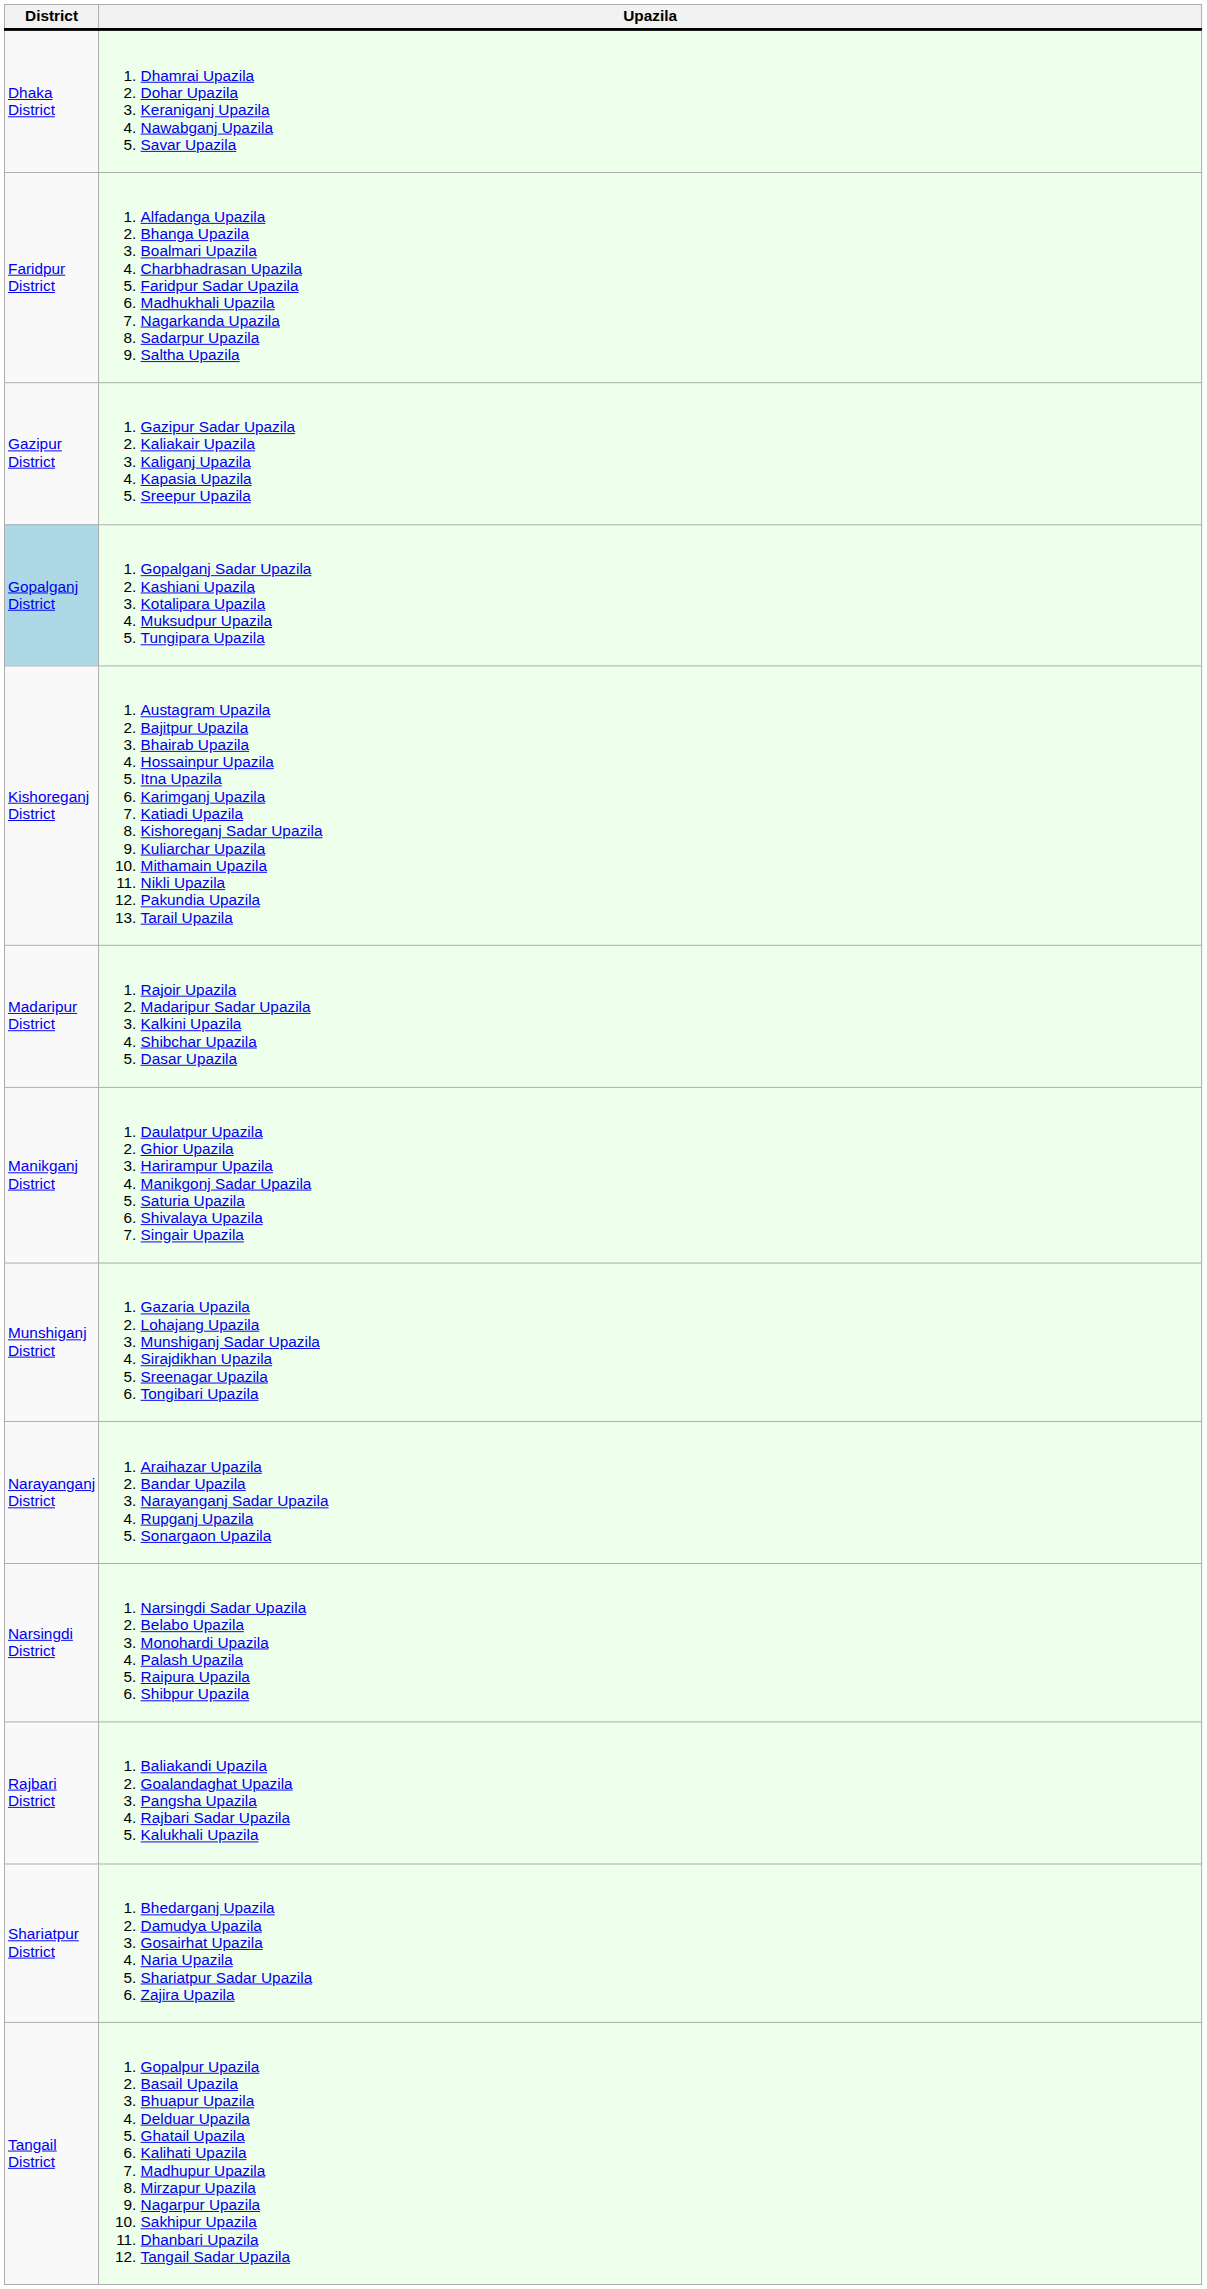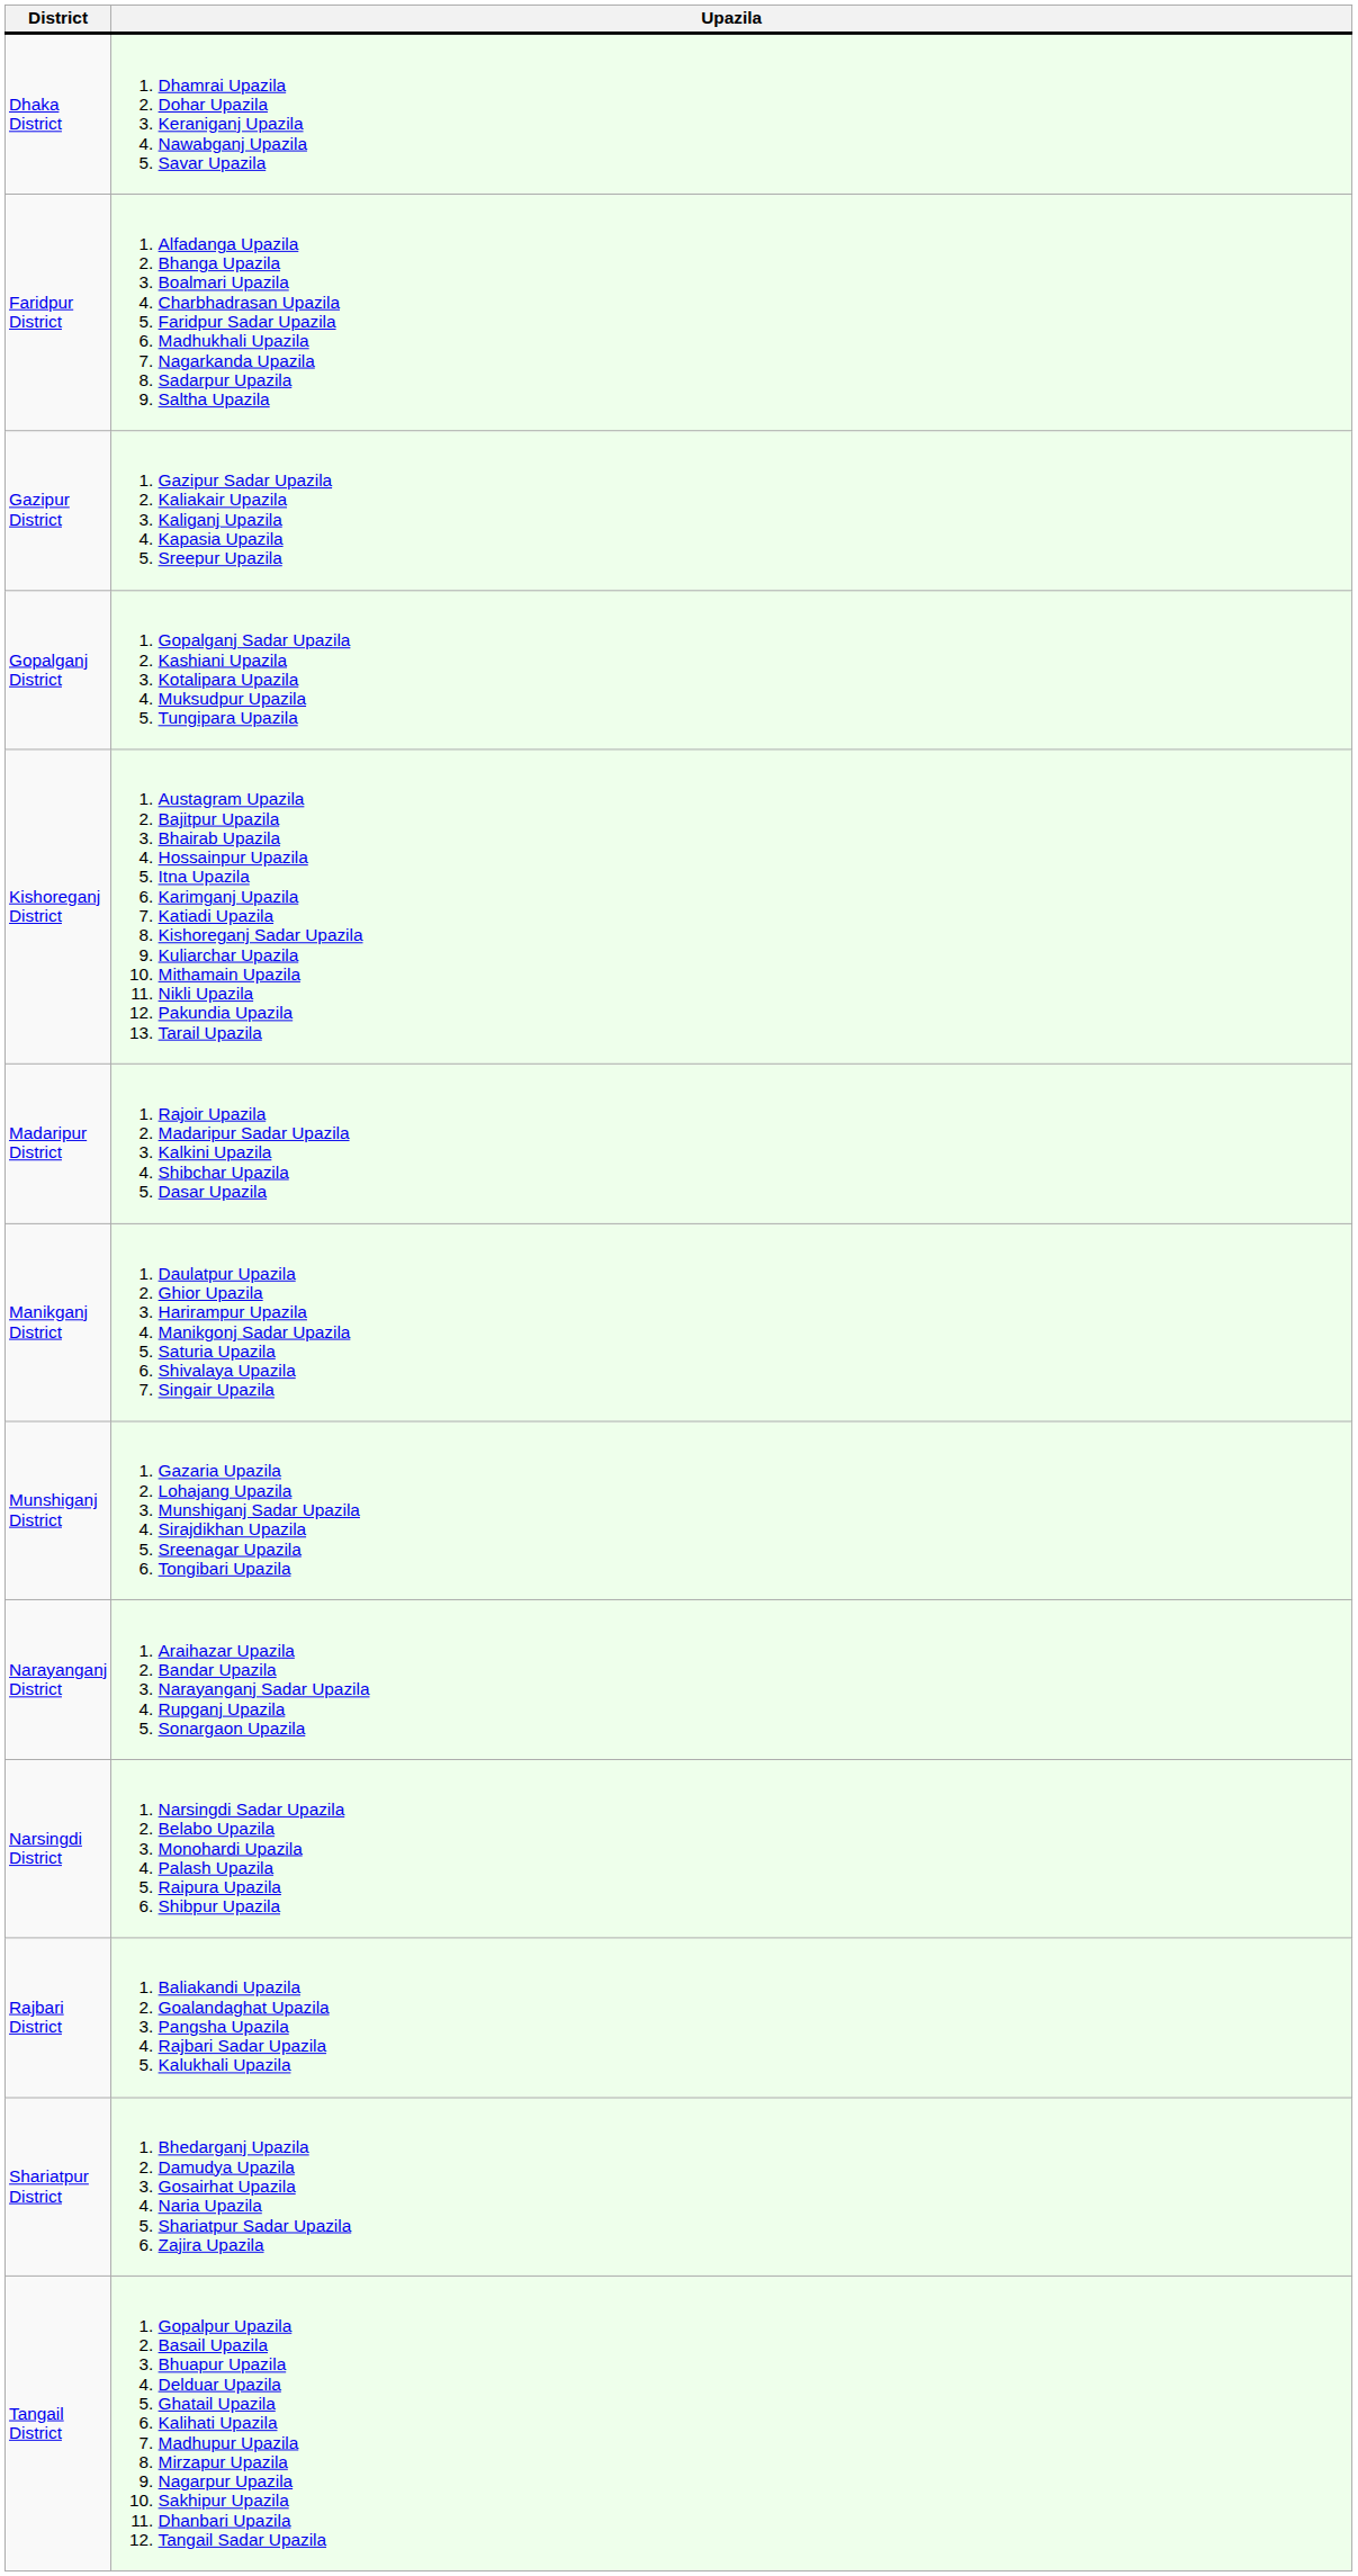 <table class="wikitable">
 <tr>
 <th>District</th>
 <th colspan="7" width="100%">Upazila</th>
 </tr>
 <tr style="border-top: 3px solid black">
 <td rowspan="1"><a href='#'>Dhaka District</a></td>
 <td colspan="2" style="background: #eeffeb"><br><ol><li><a href='#'>Dhamrai Upazila</a></li><li><a href='#'>Dohar Upazila</a></li><li><a href='#'>Keraniganj Upazila</a></li><li><a href='#'>Nawabganj Upazila</a></li><li><a href='#'>Savar Upazila</a></li></ol></td>
 </tr>
 <tr>
 <td rowspan="1"><a href='#'>Faridpur District</a></td>
 <td colspan="2" style="background: #eeffeb"><br><ol><li><a href='#'>Alfadanga Upazila</a></li><li><a href='#'>Bhanga Upazila</a></li><li><a href='#'>Boalmari Upazila</a></li><li><a href='#'>Charbhadrasan Upazila</a></li><li><a href='#'>Faridpur Sadar Upazila</a></li><li><a href='#'>Madhukhali Upazila</a></li><li><a href='#'>Nagarkanda Upazila</a></li><li><a href='#'>Sadarpur Upazila</a></li><li><a href='#'>Saltha Upazila</a></li></ol></td>
 </tr>
 <tr>
 <td rowspan="1"><a href='#'>Gazipur District</a></td>
 <td colspan="2" style="background: #eeffeb"><br><ol><li><a href='#'>Gazipur Sadar Upazila</a></li><li><a href='#'>Kaliakair Upazila</a></li><li><a href='#'>Kaliganj Upazila</a></li><li><a href='#'>Kapasia Upazila</a></li><li><a href='#'>Sreepur Upazila</a></li></ol></td>
 </tr>
 <tr>
-<td rowspan="1" style="background: lightblue;"><a href='#'>Gopalganj District</a></td>
+<td rowspan="1"><a href='#'>Gopalganj District</a></td>
 <td colspan="2" style="background: #eeffeb"><br><ol><li><a href='#'>Gopalganj Sadar Upazila</a></li><li><a href='#'>Kashiani Upazila</a></li><li><a href='#'>Kotalipara Upazila</a></li><li><a href='#'>Muksudpur Upazila</a></li><li><a href='#'>Tungipara Upazila</a></li></ol></td>
 </tr>
 <tr>
 <td rowspan="1"><a href='#'>Kishoreganj District</a></td>
 <td colspan="2" style="background: #eeffeb"><br><ol><li><a href='#'>Austagram Upazila</a></li><li><a href='#'>Bajitpur Upazila</a></li><li><a href='#'>Bhairab Upazila</a></li><li><a href='#'>Hossainpur Upazila</a></li><li><a href='#'>Itna Upazila</a></li><li><a href='#'>Karimganj Upazila</a></li><li><a href='#'>Katiadi Upazila</a></li><li><a href='#'>Kishoreganj Sadar Upazila</a></li><li><a href='#'>Kuliarchar Upazila</a></li><li><a href='#'>Mithamain Upazila</a></li><li><a href='#'>Nikli Upazila</a></li><li><a href='#'>Pakundia Upazila</a></li><li><a href='#'>Tarail Upazila</a></li></ol></td>
 </tr>
 <tr>
 <td rowspan="1"><a href='#'>Madaripur District</a></td>
 <td colspan="2" style="background: #eeffeb"><br><ol><li><a href='#'>Rajoir Upazila</a></li><li><a href='#'>Madaripur Sadar Upazila</a></li><li><a href='#'>Kalkini Upazila</a></li><li><a href='#'>Shibchar Upazila</a></li><li><a href='#'>Dasar Upazila</a></li></ol></td>
 </tr>
 <tr>
 <td rowspan="1"><a href='#'>Manikganj District</a></td>
 <td colspan="2" style="background: #eeffeb"><br><ol><li><a href='#'>Daulatpur Upazila</a></li><li><a href='#'>Ghior Upazila</a></li><li><a href='#'>Harirampur Upazila</a></li><li><a href='#'>Manikgonj Sadar Upazila</a></li><li><a href='#'>Saturia Upazila</a></li><li><a href='#'>Shivalaya Upazila</a></li><li><a href='#'>Singair Upazila</a></li></ol></td>
 </tr>
 <tr>
 <td rowspan="1"><a href='#'>Munshiganj District</a></td>
 <td colspan="2" style="background: #eeffeb"><br><ol><li><a href='#'>Gazaria Upazila</a></li><li><a href='#'>Lohajang Upazila</a></li><li><a href='#'>Munshiganj Sadar Upazila</a></li><li><a href='#'>Sirajdikhan Upazila</a></li><li><a href='#'>Sreenagar Upazila</a></li><li><a href='#'>Tongibari Upazila</a></li></ol></td>
 </tr>
 <tr>
 <td rowspan="1"><a href='#'>Narayanganj District</a></td>
 <td colspan="2" style="background: #eeffeb"><br><ol><li><a href='#'>Araihazar Upazila</a></li><li><a href='#'>Bandar Upazila</a></li><li><a href='#'>Narayanganj Sadar Upazila</a></li><li><a href='#'>Rupganj Upazila</a></li><li><a href='#'>Sonargaon Upazila</a></li></ol></td>
 </tr>
 <tr>
 <td rowspan="1"><a href='#'>Narsingdi District</a></td>
 <td colspan="2" style="background: #eeffeb"><br><ol><li><a href='#'>Narsingdi Sadar Upazila</a></li><li><a href='#'>Belabo Upazila</a></li><li><a href='#'>Monohardi Upazila</a></li><li><a href='#'>Palash Upazila</a></li><li><a href='#'>Raipura Upazila</a></li><li><a href='#'>Shibpur Upazila</a></li></ol></td>
 </tr>
 <tr>
 <td rowspan="1"><a href='#'>Rajbari District</a></td>
 <td colspan="2" style="background: #eeffeb"><br><ol><li><a href='#'>Baliakandi Upazila</a></li><li><a href='#'>Goalandaghat Upazila</a></li><li><a href='#'>Pangsha Upazila</a></li><li><a href='#'>Rajbari Sadar Upazila</a></li><li><a href='#'>Kalukhali Upazila</a></li></ol></td>
 </tr>
 <tr>
 <td rowspan="1"><a href='#'>Shariatpur District</a></td>
 <td colspan="2" style="background: #eeffeb"><br><ol><li><a href='#'>Bhedarganj Upazila</a></li><li><a href='#'>Damudya Upazila</a></li><li><a href='#'>Gosairhat Upazila</a></li><li><a href='#'>Naria Upazila</a></li><li><a href='#'>Shariatpur Sadar Upazila</a></li><li><a href='#'>Zajira Upazila</a></li></ol></td>
 </tr>
 <tr>
 <td rowspan="1"><a href='#'>Tangail District</a></td>
 <td colspan="2" style="background: #eeffeb"><br><ol><li><a href='#'>Gopalpur Upazila</a></li><li><a href='#'>Basail Upazila</a></li><li><a href='#'>Bhuapur Upazila</a></li><li><a href='#'>Delduar Upazila</a></li><li><a href='#'>Ghatail Upazila</a></li><li><a href='#'>Kalihati Upazila</a></li><li><a href='#'>Madhupur Upazila</a></li><li><a href='#'>Mirzapur Upazila</a></li><li><a href='#'>Nagarpur Upazila</a></li><li><a href='#'>Sakhipur Upazila</a></li><li><a href='#'>Dhanbari Upazila</a></li><li><a href='#'>Tangail Sadar Upazila</a></li></ol></td>
 </tr>
 </table>
